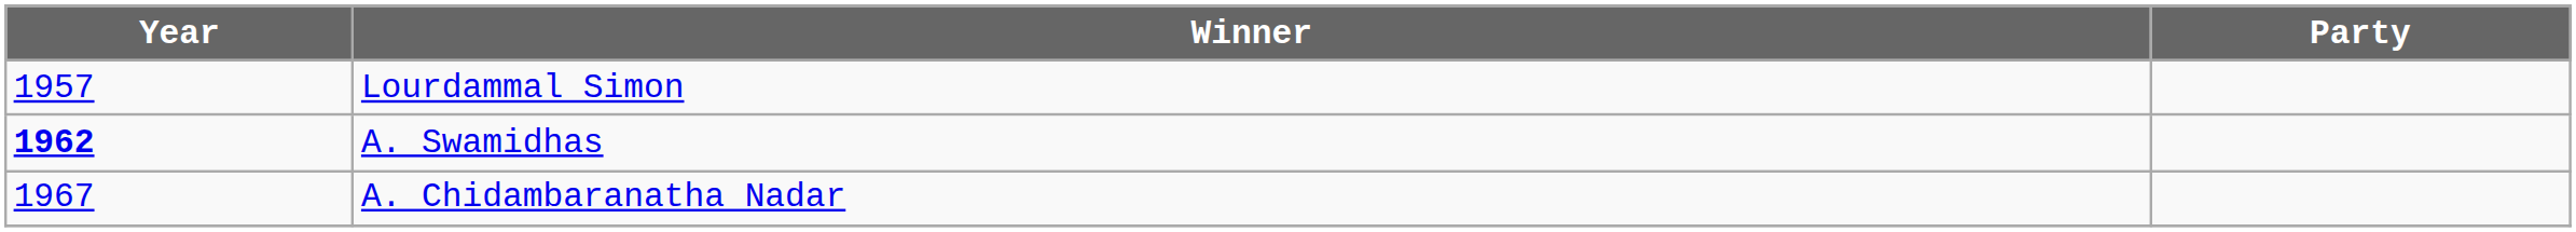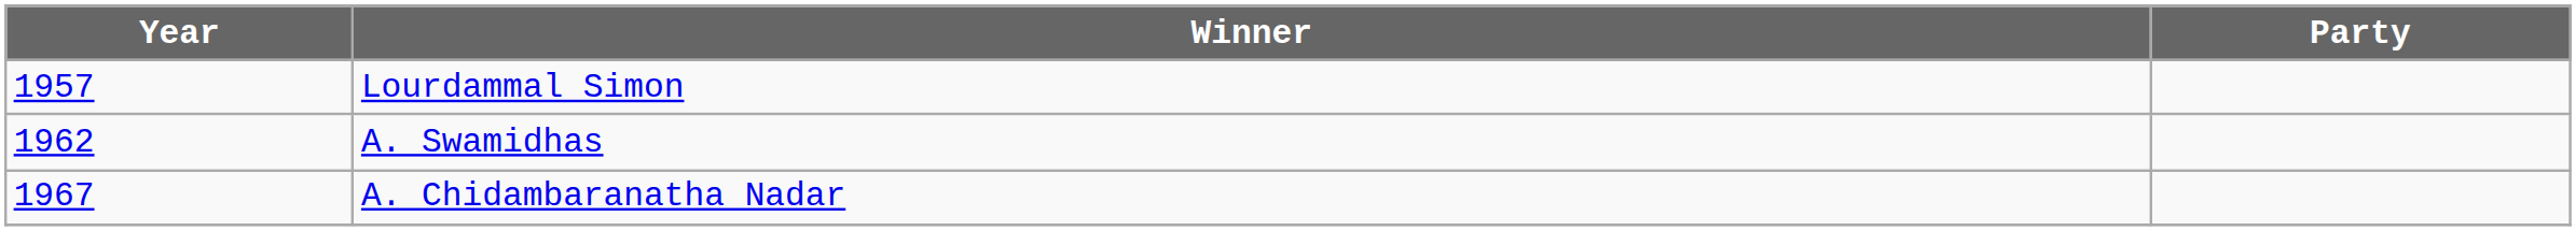 <table class="wikitable sortable" width="50%">
 <tr>
 <th style="background-color:#666666; color:white">Year</th>
 <th style="background-color:#666666; color:white">Winner</th>
 <th style="background-color:#666666; color:white" colspan="2">Party</th>
 </tr>
 <tr>
 <td><a href='#'>1957</a></td>
 <td><a href='#'>Lourdammal Simon</a></td>
 <td></td>
 </tr>
 <tr>
-<td><strong><a href='#'>1962</a></strong></td>
+<td><a href='#'>1962</a></td>
 <td><a href='#'>A. Swamidhas</a></td>
 <td></td>
 </tr>
 <tr>
 <td><a href='#'>1967</a></td>
 <td><a href='#'>A. Chidambaranatha Nadar</a></td>
 <td></td>
 </tr>
 <tr>
 </tr>
 </table>
